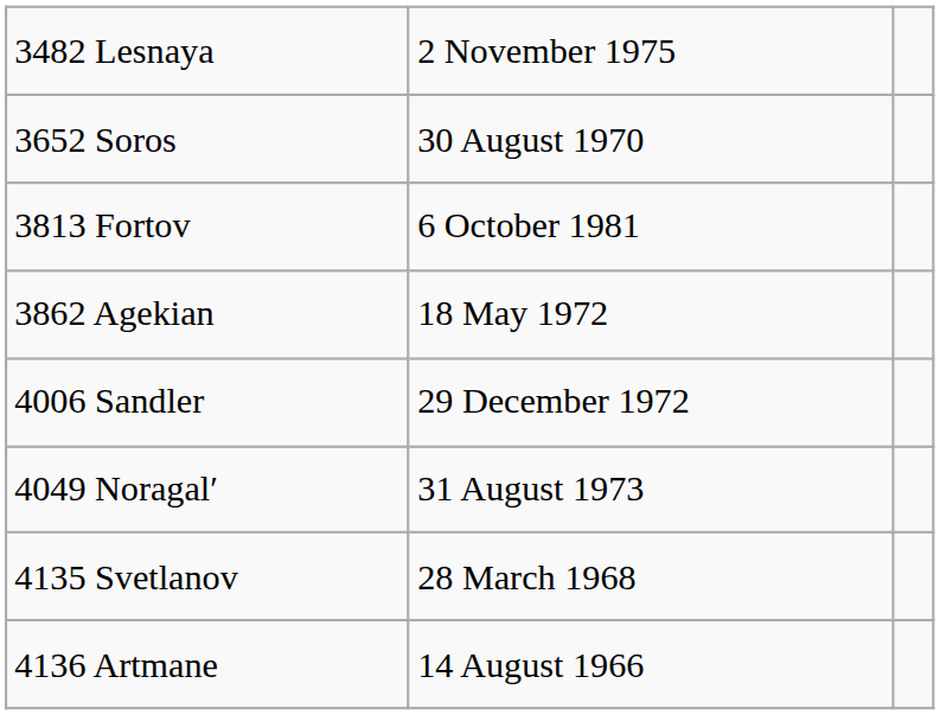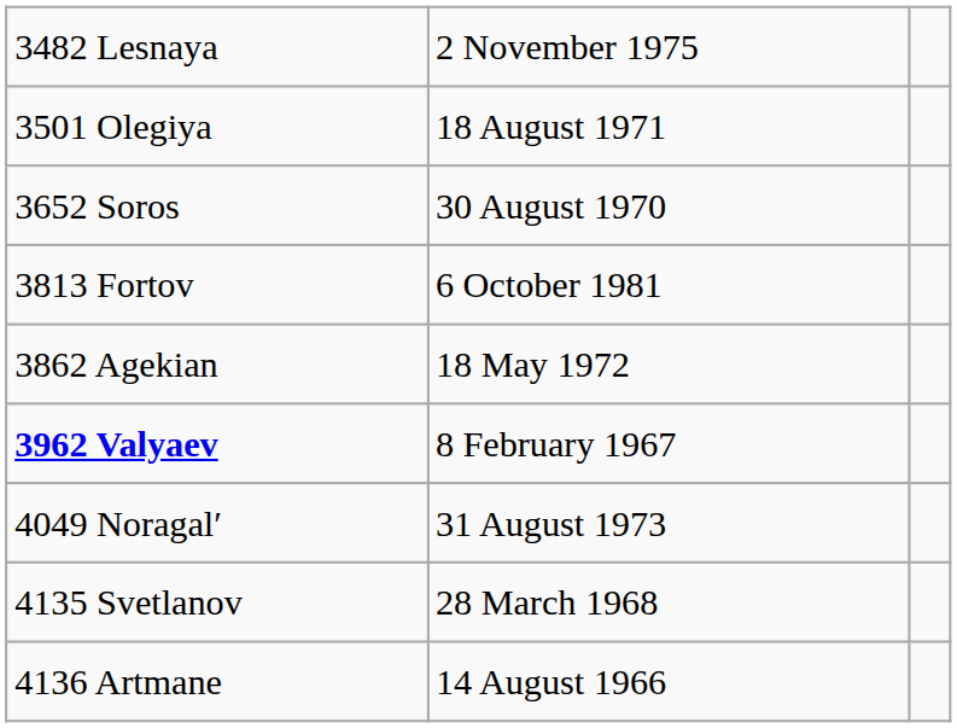 <table class="wikitable" style="font-size: 89%; float: left; width: 26em; margin-right: 1em; height: 280px;">
 <tr>
 <td>3482 Lesnaya</td>
 <td>2 November 1975</td>
+<td></td>
+</tr>
+<tr>
+<td>3501 Olegiya</td>
+<td>18 August 1971</td>
 <td></td>
 </tr>
 <tr>
 <td>3652 Soros</td>
 <td>30 August 1970</td>
 <td></td>
 </tr>
 <tr>
 <td>3813 Fortov</td>
 <td>6 October 1981</td>
 <td></td>
 </tr>
 <tr>
 <td>3862 Agekian</td>
 <td>18 May 1972</td>
 <td></td>
 </tr>
 <tr>
-<td>4006 Sandler</td>
-<td>29 December 1972</td>
+<td><strong><a href='#'>3962 Valyaev</a></strong></td>
+<td>8 February 1967</td>
 <td></td>
 </tr>
 <tr>
 <td>4049 Noragalʹ</td>
 <td>31 August 1973</td>
 <td></td>
 </tr>
 <tr>
 <td>4135 Svetlanov</td>
 <td>28 March 1968</td>
 <td> </td>
 </tr>
 <tr>
 <td>4136 Artmane</td>
 <td>14 August 1966</td>
 <td></td>
 </tr>
 </table>
